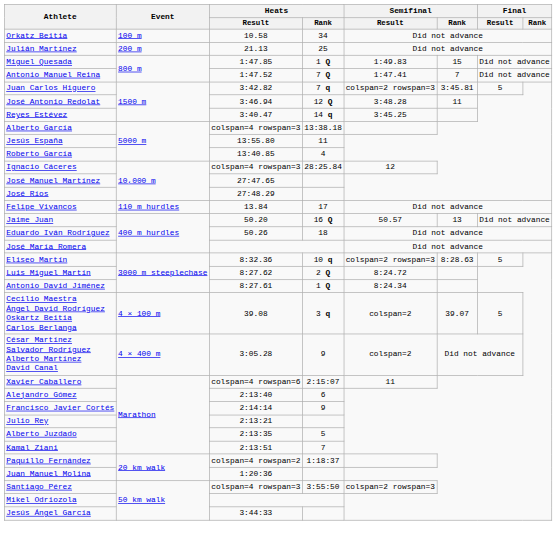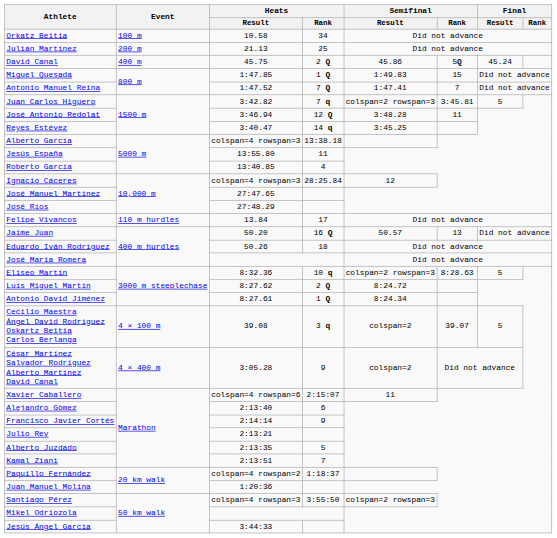 <table class="wikitable" style="font-size:90%">
 <tr>
 <th rowspan="2">Athlete</th>
 <th rowspan="2">Event</th>
 <th colspan="2">Heats</th>
 <th colspan="2">Semifinal</th>
 <th colspan="2">Final</th>
 </tr>
 <tr style="font-size:95%">
 <th>Result</th>
 <th>Rank</th>
 <th>Result</th>
 <th>Rank</th>
 <th>Result</th>
 <th>Rank</th>
 </tr>
 <tr align=center>
 <td align=left><a href='#'>Orkatz Beitia</a></td>
 <td align=left><a href='#'>100 m</a></td>
 <td>10.58</td>
 <td>34</td>
 <td colspan=4>Did not advance</td>
 </tr>
 <tr align=center>
 <td align=left><a href='#'>Julián Martínez</a></td>
 <td align=left><a href='#'>200 m</a></td>
 <td>21.13</td>
 <td>25</td>
 <td colspan=4>Did not advance</td>
+</tr>
+<tr align=center>
+<td align=left><a href='#'>David Canal</a></td>
+<td align=left><a href='#'>400 m</a></td>
+<td>45.75</td>
+<td>2 <strong>Q</strong></td>
+<td>45.86</td>
+<td>5<strong>Q</strong></td>
+<td>45.24 <strong></strong></td>
+<td></td>
 </tr>
 <tr align=center>
 <td align=left><a href='#'>Miguel Quesada</a></td>
 <td align=left rowspan=2><a href='#'>800 m</a></td>
 <td>1:47.85</td>
 <td>1 <strong>Q</strong></td>
 <td>1:49.83</td>
 <td>15</td>
 <td colspan=2>Did not advance</td>
 </tr>
 <tr align=center>
 <td align=left><a href='#'>Antonio Manuel Reina</a></td>
 <td>1:47.52</td>
 <td>7 <strong>Q</strong></td>
 <td>1:47.41</td>
 <td>7</td>
 <td colspan=2>Did not advance</td>
 </tr>
 <tr align=center>
 <td align=left><a href='#'>Juan Carlos Higuero</a></td>
 <td align=left rowspan=3><a href='#'>1500 m</a></td>
 <td>3:42.82</td>
 <td>7 <strong>q</strong></td>
 <td>colspan=2 rowspan=3 </td>
 <td>3:45.81</td>
 <td>5</td>
 </tr>
 <tr align=center>
 <td align=left><a href='#'>José Antonio Redolat</a></td>
 <td>3:46.94</td>
 <td>12 <strong>Q</strong></td>
 <td>3:48.28</td>
 <td>11</td>
 </tr>
 <tr align=center>
 <td align=left><a href='#'>Reyes Estévez</a></td>
 <td>3:40.47</td>
 <td>14 <strong>q</strong></td>
 <td>3:45.25</td>
 <td></td>
 </tr>
 <tr align=center>
 <td align=left><a href='#'>Alberto García</a></td>
 <td align=left rowspan=3><a href='#'>5000 m</a></td>
 <td>colspan=4 rowspan=3 </td>
 <td>13:38.18</td>
 <td></td>
 </tr>
 <tr align=center>
 <td align=left><a href='#'>Jesús España</a></td>
 <td>13:55.80</td>
 <td>11</td>
 </tr>
 <tr align=center>
 <td align=left><a href='#'>Roberto García</a></td>
 <td>13:40.85</td>
 <td>4</td>
 </tr>
 <tr align=center>
 <td align=left><a href='#'>Ignacio Cáceres</a></td>
 <td align=left rowspan=3><a href='#'>10,000 m</a></td>
 <td>colspan=4 rowspan=3 </td>
 <td>28:25.84</td>
 <td>12</td>
 </tr>
 <tr align=center>
 <td align=left><a href='#'>José Manuel Martínez</a></td>
 <td>27:47.65</td>
 <td></td>
 </tr>
 <tr align=center>
 <td align=left><a href='#'>José Ríos</a></td>
 <td>27:48.29</td>
 <td></td>
 </tr>
 <tr align=center>
 <td align=left><a href='#'>Felipe Vivancos</a></td>
 <td align=left><a href='#'>110 m hurdles</a></td>
 <td>13.84</td>
 <td>17</td>
 <td colspan=4>Did not advance</td>
 </tr>
 <tr align=center>
 <td align=left><a href='#'>Jaime Juan</a></td>
 <td align=left rowspan=3><a href='#'>400 m hurdles</a></td>
 <td>50.20</td>
 <td>16 <strong>Q</strong></td>
 <td>50.57</td>
 <td>13</td>
 <td colspan=2>Did not advance</td>
 </tr>
 <tr align=center>
 <td align=left><a href='#'>Eduardo Iván Rodríguez</a></td>
 <td>50.26</td>
 <td>18</td>
 <td colspan=4>Did not advance</td>
 </tr>
 <tr align=center>
 <td align=left><a href='#'>José María Romera</a></td>
 <td colspan=2></td>
 <td colspan=4>Did not advance</td>
 </tr>
 <tr align=center>
 <td align=left><a href='#'>Eliseo Martín</a></td>
 <td align=left rowspan=3><a href='#'>3000 m steeplechase</a></td>
 <td>8:32.36</td>
 <td>10 <strong>q</strong></td>
 <td>colspan=2 rowspan=3 </td>
 <td>8:28.63</td>
 <td>5</td>
 </tr>
 <tr align=center>
 <td align=left><a href='#'>Luis Miguel Martín</a></td>
 <td>8:27.62</td>
 <td>2 <strong>Q</strong></td>
 <td>8:24.72 <strong></strong></td>
 <td></td>
 </tr>
 <tr align=center>
 <td align=left><a href='#'>Antonio David Jiménez</a></td>
 <td>8:27.61</td>
 <td>1 <strong>Q</strong></td>
 <td>8:24.34</td>
 <td></td>
 </tr>
 <tr align=center>
 <td align=left><a href='#'>Cecilio Maestra</a><br><a href='#'>Ángel David Rodríguez</a><br><a href='#'>Oskartz Beitia</a><br><a href='#'>Carlos Berlanga</a></td>
 <td align=left><a href='#'>4 × 100 m</a></td>
 <td>39.08 <strong></strong></td>
 <td>3 <strong>q</strong></td>
 <td>colspan=2 </td>
 <td>39.07 <strong></strong></td>
 <td>5</td>
 </tr>
 <tr align=center>
 <td align=left><a href='#'>César Martínez</a><br><a href='#'>Salvador Rodríguez</a><br><a href='#'>Alberto Martínez</a><br><a href='#'>David Canal</a></td>
 <td align=left><a href='#'>4 × 400 m</a></td>
 <td>3:05.28</td>
 <td>9</td>
 <td>colspan=2 </td>
 <td colspan=2>Did not advance</td>
 </tr>
 <tr align=center>
 <td align=left><a href='#'>Xavier Caballero</a></td>
 <td align=left rowspan=6><a href='#'>Marathon</a></td>
 <td>colspan=4 rowspan=6 </td>
 <td>2:15:07</td>
 <td>11</td>
 </tr>
 <tr align=center>
 <td align=left><a href='#'>Alejandro Gómez</a></td>
 <td>2:13:40</td>
 <td>6</td>
 </tr>
 <tr align=center>
 <td align=left><a href='#'>Francisco Javier Cortés</a></td>
 <td>2:14:14</td>
 <td>9</td>
 </tr>
 <tr align=center>
 <td align=left><a href='#'>Julio Rey</a></td>
 <td>2:13:21</td>
 <td></td>
 </tr>
 <tr align=center>
 <td align=left><a href='#'>Alberto Juzdado</a></td>
 <td>2:13:35</td>
 <td>5</td>
 </tr>
 <tr align=center>
 <td align=left><a href='#'>Kamal Ziani</a></td>
 <td>2:13:51</td>
 <td>7</td>
 </tr>
 <tr align=center>
 <td align=left><a href='#'>Paquillo Fernández</a></td>
 <td align=left rowspan=2><a href='#'>20 km walk</a></td>
 <td>colspan=4 rowspan=2 </td>
 <td>1:18:37 <strong></strong></td>
 <td></td>
 </tr>
 <tr align=center>
 <td align=left><a href='#'>Juan Manuel Molina</a></td>
 <td>1:20:36</td>
 <td></td>
 </tr>
 <tr align=center>
 <td align=left><a href='#'>Santiago Pérez</a></td>
 <td align=left rowspan=3><a href='#'>50 km walk</a></td>
 <td>colspan=4 rowspan=3 </td>
 <td>3:55:50</td>
 <td>colspan=2 rowspan=3 </td>
 </tr>
 <tr align=center>
 <td align=left><a href='#'>Mikel Odriozola</a></td>
 <td colspan=2></td>
 </tr>
 <tr align=center>
 <td align=left><a href='#'>Jesús Ángel García</a></td>
 <td>3:44:33 <strong></strong></td>
 <td></td>
 </tr>
 </table>
